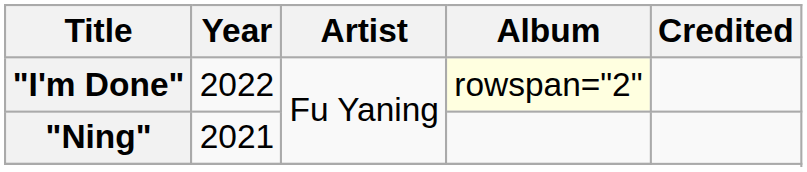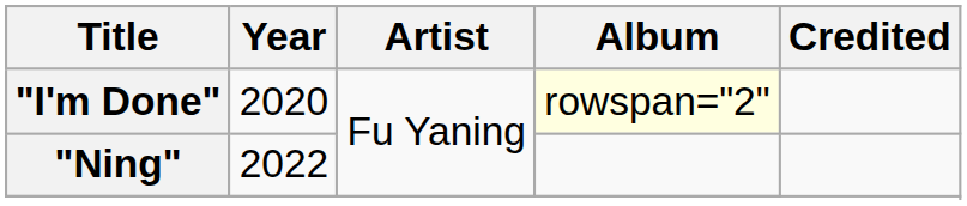 <table class="wikitable plainrowheaders" style="text-align:center">
 <tr>
 <th scope="col">Title</th>
 <th scope="col">Year</th>
 <th scope="col">Artist</th>
 <th scope="col">Album</th>
 <th scope="col">Credited</th>
 </tr>
 <tr>
 <th scope="row">"I'm Done"</th>
-<td>2022</td>
+<td>2020</td>
 <td rowspan="2">Fu Yaning</td>
 <td style="background: lightyellow;">rowspan="2" </td>
 <td></td>
 </tr>
 <tr>
 <th scope="row">"Ning"</th>
-<td>2021</td>
+<td>2022</td>
 <td></td>
 </tr>
 <tr>
 </tr>
 </table>
